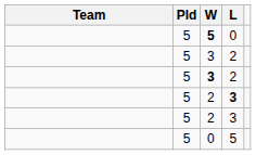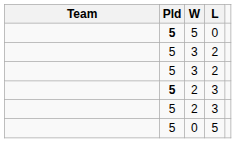 <table class=wikitable style="text-align:center">
 <tr>
 <th width=200>Team</th>
 <th width=20>Pld</th>
 <th width=20>W</th>
 <th width=20>L</th>
 </tr>
 <tr bgcolor=>
 <td align=left></td>
+<td><strong>5</strong></td>
 <td>5</td>
-<td><strong>5</strong></td>
 <td>0</td>
 <td></td>
 </tr>
 <tr bgcolor=>
 <td align=left></td>
 <td>5</td>
 <td>3</td>
 <td>2</td>
 <td></td>
 </tr>
 <tr bgcolor=>
 <td align=left></td>
 <td>5</td>
-<td><strong>3</strong></td>
+<td>3</td>
 <td>2</td>
 <td></td>
 </tr>
 <tr bgcolor=>
 <td align=left></td>
-<td>5</td>
+<td><strong>5</strong></td>
 <td>2</td>
-<td><strong>3</strong></td>
+<td>3</td>
 <td></td>
 </tr>
 <tr bgcolor=>
 <td align=left></td>
 <td>5</td>
 <td>2</td>
 <td>3</td>
 <td></td>
 </tr>
 <tr bgcolor=>
 <td align=left></td>
 <td>5</td>
 <td>0</td>
 <td>5</td>
 <td></td>
 </tr>
 </table>
